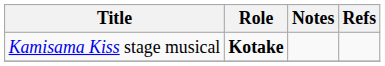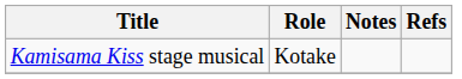 <table class="wikitable sortable">
 <tr>
 <th>Title</th>
 <th>Role</th>
 <th class="unsortable">Notes</th>
 <th class="unsortable">Refs</th>
 </tr>
 <tr>
 <td><em><a href='#'>Kamisama Kiss</a></em> stage musical</td>
-<td><strong>Kotake</strong></td>
+<td>Kotake</td>
 <td></td>
 <td></td>
 </tr>
 <tr>
 </tr>
 </table>
